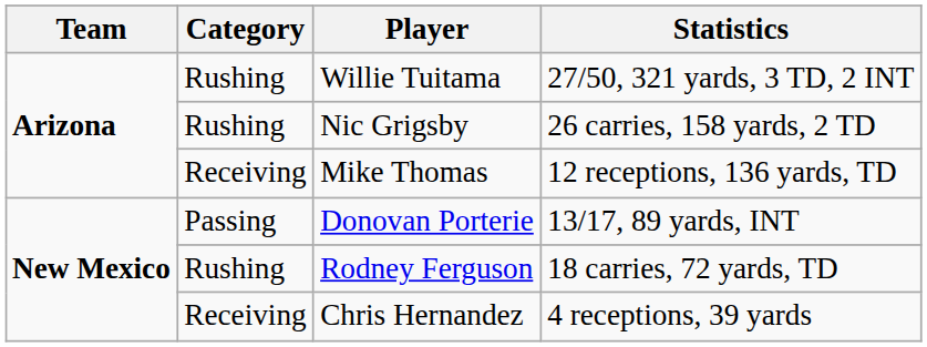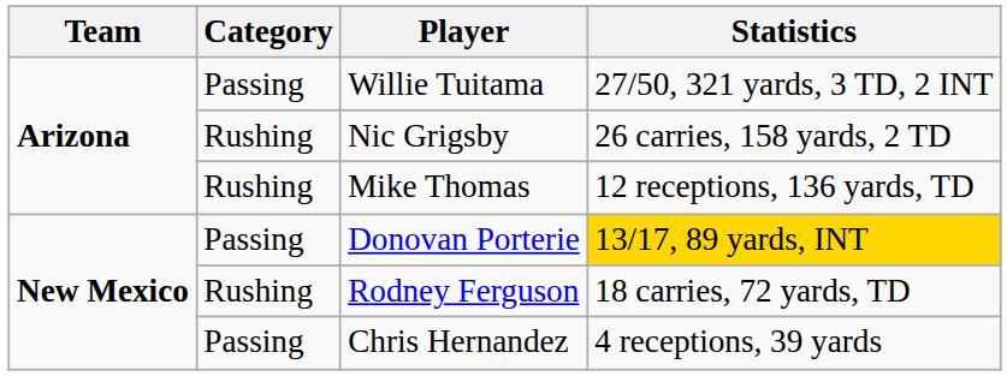 <table class="wikitable" style="float: right;">
 <tr>
 <th>Team</th>
 <th>Category</th>
 <th>Player</th>
 <th>Statistics</th>
 </tr>
 <tr>
 <td rowspan=3><strong>Arizona</strong></td>
-<td>Rushing</td>
+<td>Passing</td>
 <td>Willie Tuitama</td>
 <td>27/50, 321 yards, 3 TD, 2 INT</td>
 </tr>
 <tr>
 <td>Rushing</td>
 <td>Nic Grigsby</td>
 <td>26 carries, 158 yards, 2 TD</td>
 </tr>
 <tr>
-<td>Receiving</td>
+<td>Rushing</td>
 <td>Mike Thomas</td>
 <td>12 receptions, 136 yards, TD</td>
 </tr>
 <tr>
 <td rowspan=3><strong>New Mexico</strong></td>
 <td>Passing</td>
 <td><a href='#'>Donovan Porterie</a></td>
-<td>13/17, 89 yards, INT</td>
+<td style="background: gold;">13/17, 89 yards, INT</td>
 </tr>
 <tr>
 <td>Rushing</td>
 <td><a href='#'>Rodney Ferguson</a></td>
 <td>18 carries, 72 yards, TD</td>
 </tr>
 <tr>
-<td>Receiving</td>
+<td>Passing</td>
 <td>Chris Hernandez</td>
 <td>4 receptions, 39 yards</td>
 </tr>
 </table>
